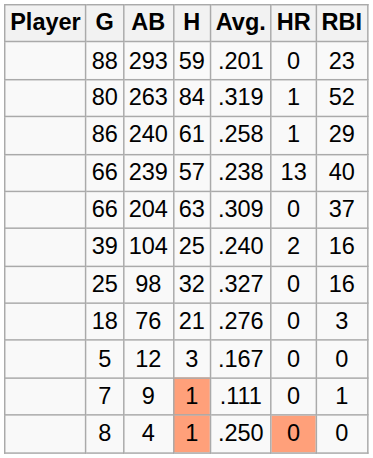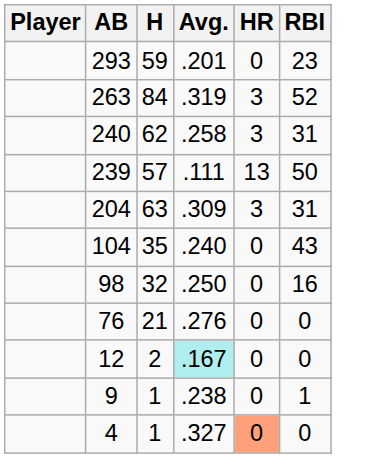 <table class="wikitable sortable" style="text-align:center;">
 <tr>
 <th>Player</th>
-<th>G</th>
 <th>AB</th>
 <th>H</th>
 <th>Avg.</th>
 <th>HR</th>
 <th>RBI</th>
 </tr>
 <tr>
 <td></td>
-<td>88</td>
 <td>293</td>
 <td>59</td>
 <td>.201</td>
 <td>0</td>
 <td>23</td>
 </tr>
 <tr>
 <td></td>
-<td>80</td>
 <td>263</td>
 <td>84</td>
 <td>.319</td>
-<td>1</td>
+<td>3</td>
 <td>52</td>
 </tr>
 <tr>
 <td></td>
-<td>86</td>
 <td>240</td>
-<td>61</td>
+<td>62</td>
 <td>.258</td>
-<td>1</td>
-<td>29</td>
+<td>3</td>
+<td>31</td>
 </tr>
 <tr>
 <td></td>
-<td>66</td>
 <td>239</td>
 <td>57</td>
-<td>.238</td>
+<td>.111</td>
 <td>13</td>
-<td>40</td>
+<td>50</td>
 </tr>
 <tr>
 <td></td>
-<td>66</td>
 <td>204</td>
 <td>63</td>
 <td>.309</td>
-<td>0</td>
-<td>37</td>
+<td>3</td>
+<td>31</td>
 </tr>
 <tr>
 <td></td>
-<td>39</td>
 <td>104</td>
-<td>25</td>
+<td>35</td>
 <td>.240</td>
-<td>2</td>
-<td>16</td>
+<td>0</td>
+<td>43</td>
 </tr>
 <tr>
 <td></td>
-<td>25</td>
 <td>98</td>
 <td>32</td>
-<td>.327</td>
+<td>.250</td>
 <td>0</td>
 <td>16</td>
 </tr>
 <tr>
 <td></td>
-<td>18</td>
 <td>76</td>
 <td>21</td>
 <td>.276</td>
-<td>0</td>
-<td>3</td>
-</tr>
-<tr>
-<td></td>
-<td>5</td>
-<td>12</td>
-<td>3</td>
-<td>.167</td>
 <td>0</td>
 <td>0</td>
 </tr>
 <tr>
 <td></td>
-<td>7</td>
+<td>12</td>
+<td>2</td>
+<td style="background: paleturquoise;">.167</td>
+<td>0</td>
+<td>0</td>
+</tr>
+<tr>
+<td></td>
 <td>9</td>
-<td style="background: lightsalmon;">1</td>
-<td>.111</td>
+<td>1</td>
+<td>.238</td>
 <td>0</td>
 <td>1</td>
 </tr>
 <tr>
 <td></td>
-<td>8</td>
 <td>4</td>
-<td style="background: lightsalmon;">1</td>
-<td>.250</td>
+<td>1</td>
+<td>.327</td>
 <td style="background: lightsalmon;">0</td>
 <td>0</td>
 </tr>
 </table>
